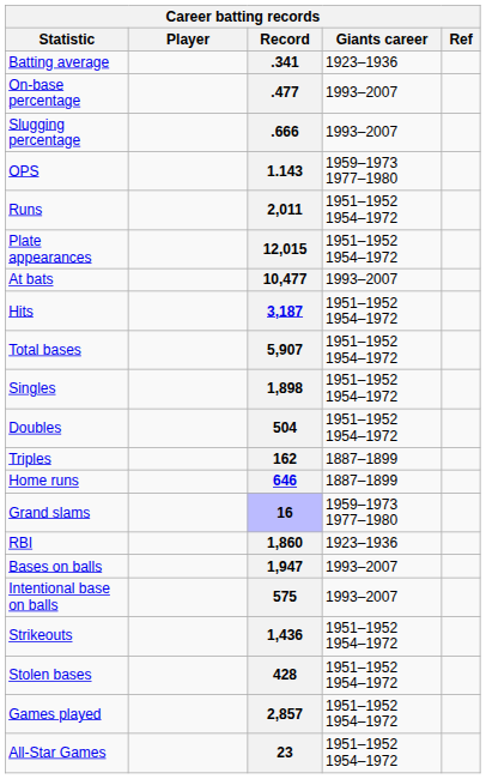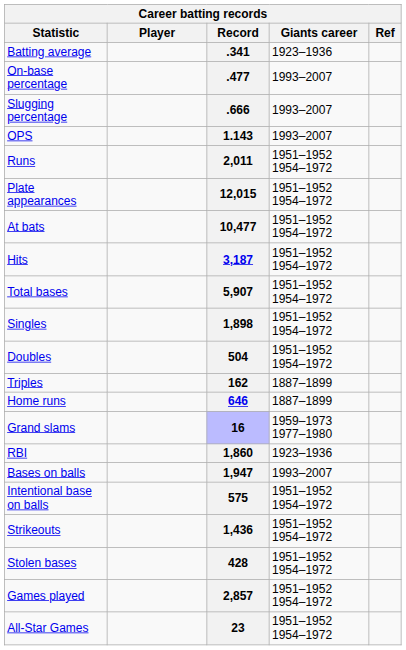 <table class="sortable wikitable" style="text-align:left" width="60%">
 <tr>
 <th colspan=5>Career batting records</th>
 </tr>
 <tr>
 <th scope="col" width=18%>Statistic</th>
 <th scope="col" width=18%>Player</th>
 <th scope="col" width=10% class="unsortable">Record</th>
 <th scope="col" width=18%>Giants career</th>
 <th scope="col" width=5% class="unsortable">Ref</th>
 </tr>
 <tr>
 <td><a href='#'>Batting average</a></td>
 <td></td>
 <th scope="row">.341</th>
 <td>1923–1936</td>
 <td></td>
 </tr>
 <tr>
 <td><a href='#'>On-base percentage</a></td>
 <td></td>
 <th scope="row">.477</th>
 <td>1993–2007</td>
 <td></td>
 </tr>
 <tr>
 <td><a href='#'>Slugging percentage</a></td>
 <td></td>
 <th scope="row">.666</th>
 <td>1993–2007</td>
 <td></td>
 </tr>
 <tr>
 <td><a href='#'>OPS</a></td>
 <td></td>
 <th scope="row">1.143</th>
-<td>1959–1973<br>1977–1980</td>
+<td>1993–2007</td>
 <td></td>
 </tr>
 <tr>
 <td><a href='#'>Runs</a></td>
 <td></td>
 <th scope="row">2,011</th>
 <td>1951–1952<br>1954–1972</td>
 <td></td>
 </tr>
 <tr>
 <td><a href='#'>Plate appearances</a></td>
 <td></td>
 <th scope="row">12,015</th>
 <td>1951–1952<br>1954–1972</td>
 <td></td>
 </tr>
 <tr>
 <td><a href='#'>At bats</a></td>
 <td></td>
 <th scope="row">10,477</th>
-<td>1993–2007</td>
+<td>1951–1952<br>1954–1972</td>
 <td></td>
 </tr>
 <tr>
 <td><a href='#'>Hits</a></td>
 <td></td>
 <th scope="row"><a href='#'>3,187</a></th>
 <td>1951–1952<br>1954–1972</td>
 <td></td>
 </tr>
 <tr>
 <td><a href='#'>Total bases</a></td>
 <td></td>
 <th scope="row">5,907</th>
 <td>1951–1952<br>1954–1972</td>
 <td></td>
 </tr>
 <tr>
 <td><a href='#'>Singles</a></td>
 <td></td>
 <th scope="row">1,898</th>
 <td>1951–1952<br>1954–1972</td>
 <td></td>
 </tr>
 <tr>
 <td><a href='#'>Doubles</a></td>
 <td></td>
 <th scope="row">504</th>
 <td>1951–1952<br>1954–1972</td>
 <td></td>
 </tr>
 <tr>
 <td><a href='#'>Triples</a></td>
 <td></td>
 <th scope="row">162</th>
 <td>1887–1899</td>
 <td></td>
 </tr>
 <tr>
 <td><a href='#'>Home runs</a></td>
 <td></td>
 <th scope="row"><a href='#'>646</a></th>
 <td>1887–1899</td>
 <td></td>
 </tr>
 <tr>
 <td><a href='#'>Grand slams</a></td>
 <td></td>
 <th scope="row" style="background-color:#bbbbff">16</th>
 <td>1959–1973<br>1977–1980</td>
 <td></td>
 </tr>
 <tr>
 <td><a href='#'>RBI</a></td>
 <td></td>
 <th scope="row">1,860</th>
 <td>1923–1936</td>
 <td></td>
 </tr>
 <tr>
 <td><a href='#'>Bases on balls</a></td>
 <td></td>
 <th scope="row">1,947</th>
 <td>1993–2007</td>
 <td></td>
 </tr>
 <tr>
 <td><a href='#'>Intentional base on balls</a></td>
 <td></td>
 <th scope="row">575</th>
-<td>1993–2007</td>
+<td>1951–1952<br>1954–1972</td>
 <td></td>
 </tr>
 <tr>
 <td><a href='#'>Strikeouts</a></td>
 <td></td>
 <th scope="row">1,436</th>
 <td>1951–1952<br>1954–1972</td>
 <td></td>
 </tr>
 <tr>
 <td><a href='#'>Stolen bases</a></td>
 <td></td>
 <th scope="row">428</th>
 <td>1951–1952<br>1954–1972</td>
 <td></td>
 </tr>
 <tr>
 <td><a href='#'>Games played</a></td>
 <td></td>
 <th scope="row">2,857</th>
 <td>1951–1952<br>1954–1972</td>
 <td></td>
 </tr>
 <tr>
 <td><a href='#'>All-Star Games</a></td>
 <td></td>
 <th scope="row">23</th>
 <td>1951–1952<br>1954–1972</td>
 <td></td>
 </tr>
 </table>
